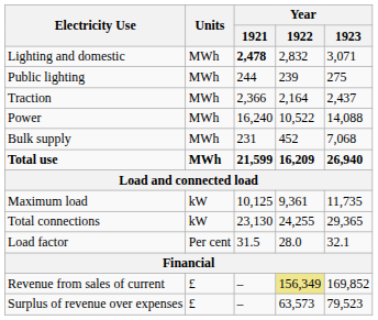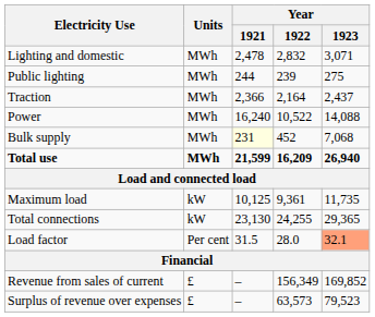 <table class="wikitable">
 <tr>
 <th rowspan="2">Electricity  Use</th>
 <th rowspan="2">Units</th>
 <th colspan="3">Year</th>
 </tr>
 <tr>
 <th>1921</th>
 <th>1922</th>
 <th>1923</th>
 </tr>
 <tr>
 <td>Lighting  and domestic</td>
 <td>MWh</td>
-<td><strong>2,478</strong></td>
+<td>2,478</td>
 <td>2,832</td>
 <td>3,071</td>
 </tr>
 <tr>
 <td>Public  lighting</td>
 <td>MWh</td>
 <td>244</td>
 <td>239</td>
 <td>275</td>
 </tr>
 <tr>
 <td>Traction</td>
 <td>MWh</td>
 <td>2,366</td>
 <td>2,164</td>
 <td>2,437</td>
 </tr>
 <tr>
 <td>Power</td>
 <td>MWh</td>
 <td>16,240</td>
 <td>10,522</td>
 <td>14,088</td>
 </tr>
 <tr>
 <td>Bulk  supply</td>
 <td>MWh</td>
-<td>231</td>
+<td style="background: lightyellow;">231</td>
 <td>452</td>
 <td>7,068</td>
 </tr>
 <tr>
 <td><strong>Total  use</strong></td>
 <td><strong>MWh</strong></td>
 <td><strong>21,599</strong></td>
 <td><strong>16,209</strong></td>
 <td><strong>26,940</strong></td>
 </tr>
 <tr>
 <th colspan="5">Load  and connected load</th>
 </tr>
 <tr>
 <td>Maximum  load</td>
 <td>kW</td>
 <td>10,125</td>
 <td>9,361</td>
 <td>11,735</td>
 </tr>
 <tr>
 <td>Total  connections</td>
 <td>kW</td>
 <td>23,130</td>
 <td>24,255</td>
 <td>29,365</td>
 </tr>
 <tr>
 <td>Load  factor</td>
 <td>Per cent</td>
 <td>31.5</td>
 <td>28.0</td>
-<td>32.1</td>
+<td style="background: lightsalmon;">32.1</td>
 </tr>
 <tr>
 <th colspan="5">Financial</th>
 </tr>
 <tr>
 <td>Revenue  from sales of current</td>
 <td>£</td>
 <td>–</td>
-<td style="background: khaki;">156,349</td>
+<td>156,349</td>
 <td>169,852</td>
 </tr>
 <tr>
 <td>Surplus  of revenue over expenses</td>
 <td>£</td>
 <td>–</td>
 <td>63,573</td>
 <td>79,523</td>
 </tr>
 </table>
